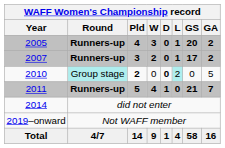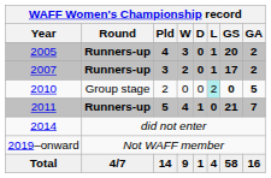 <table class="wikitable" style="text-align: center;" width:50%;">
 <tr>
 <th colspan="8"><a href='#'>WAFF Women's Championship</a> record</th>
 </tr>
 <tr>
 <th>Year</th>
 <th>Round</th>
 <th>Pld</th>
 <th>W</th>
 <th>D</th>
 <th>L</th>
 <th>GS</th>
 <th>GA</th>
 </tr>
 <tr style="background:Silver;">
 <td> <a href='#'>2005</a></td>
 <td><strong>Runners-up </strong></td>
 <td><strong>4</strong></td>
 <td><strong>3</strong></td>
 <td><strong>0</strong></td>
 <td><strong>1</strong></td>
 <td><strong>20</strong></td>
 <td><strong>2</strong></td>
 </tr>
 <tr style="background:Silver;">
 <td> <a href='#'>2007</a></td>
 <td><strong>Runners-up</strong></td>
 <td><strong>3</strong></td>
 <td><strong>2</strong></td>
 <td><strong>0</strong></td>
 <td><strong>1</strong></td>
 <td><strong>17</strong></td>
 <td><strong>2</strong></td>
 </tr>
 <tr>
 <td> <a href='#'>2010</a></td>
-<td style="background: paleturquoise;">Group stage</td>
-<td><strong>2</strong></td>
+<td>Group stage</td>
+<td>2</td>
 <td>0</td>
+<td>0</td>
+<td style="background: paleturquoise;">2</td>
 <td><strong>0</strong></td>
-<td style="background: paleturquoise;">2</td>
-<td>0</td>
-<td>5</td>
+<td><strong>5</strong></td>
 </tr>
 <tr style="background:Silver;">
 <td> <a href='#'>2011</a></td>
 <td><strong>Runners-up</strong></td>
 <td><strong>5</strong></td>
 <td><strong>4</strong></td>
 <td><strong>1</strong></td>
 <td><strong>0</strong></td>
 <td><strong>21</strong></td>
 <td><strong>7</strong></td>
 </tr>
 <tr>
 <td> <a href='#'>2014</a></td>
 <td colspan=7><em>did not enter</em></td>
 </tr>
 <tr>
 <td><a href='#'>2019</a>–onward</td>
 <td colspan="7"><em>Not WAFF member</em></td>
 </tr>
 <tr style="background:#f0f0f0;font-weight:bold;">
 <td>Total</td>
 <td>4/7</td>
 <td>14</td>
 <td>9</td>
 <td>1</td>
 <td>4</td>
 <td>58</td>
 <td>16</td>
 </tr>
 </table>
